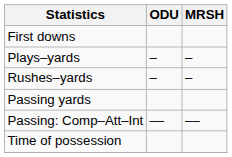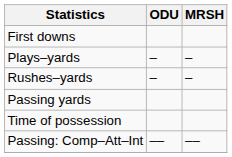 <table class="wikitable" style="float: left;">
 <tr>
 <th>Statistics</th>
 <th>ODU</th>
 <th>MRSH</th>
 </tr>
 <tr>
 <td>First downs</td>
 <td></td>
 <td></td>
 </tr>
 <tr>
 <td>Plays–yards</td>
 <td>–</td>
 <td>–</td>
 </tr>
 <tr>
 <td>Rushes–yards</td>
 <td>–</td>
 <td>–</td>
 </tr>
 <tr>
 <td>Passing yards</td>
 <td></td>
 <td></td>
 </tr>
 <tr>
+<td>Time of possession</td>
+<td></td>
+<td></td>
+</tr>
+<tr>
 <td>Passing: Comp–Att–Int</td>
 <td>––</td>
 <td>––</td>
 </tr>
 <tr>
-<td>Time of possession</td>
-<td></td>
-<td></td>
-</tr>
-<tr>
 </tr>
 </table>
